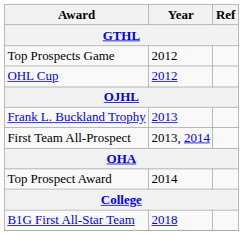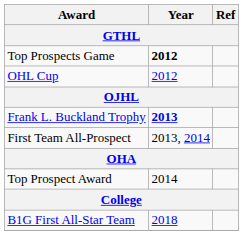 <table class="wikitable">
 <tr>
 <th>Award</th>
 <th>Year</th>
 <th>Ref</th>
 </tr>
 <tr>
 <th colspan="3"><a href='#'>GTHL</a></th>
 </tr>
 <tr>
 <td>Top Prospects Game</td>
-<td>2012</td>
+<td><strong>2012</strong></td>
 <td></td>
 </tr>
 <tr>
 <td><a href='#'>OHL Cup</a></td>
 <td><a href='#'>2012</a></td>
 <td></td>
 </tr>
 <tr>
 <th colspan="3"><a href='#'>OJHL</a></th>
 </tr>
 <tr>
 <td><a href='#'>Frank L. Buckland Trophy</a></td>
-<td><a href='#'>2013</a></td>
+<td><strong><a href='#'>2013</a></strong></td>
 <td></td>
 </tr>
 <tr>
 <td>First Team All-Prospect</td>
 <td>2013, <a href='#'>2014</a></td>
 <td></td>
 </tr>
 <tr>
 <th colspan="3"><a href='#'>OHA</a></th>
 </tr>
 <tr>
 <td>Top Prospect Award</td>
 <td>2014</td>
 <td></td>
 </tr>
 <tr>
 <th colspan="3"><a href='#'>College</a></th>
 </tr>
 <tr>
 <td><a href='#'>B1G First All-Star Team</a></td>
 <td><a href='#'>2018</a></td>
 <td></td>
 </tr>
 <tr>
 </tr>
 </table>
